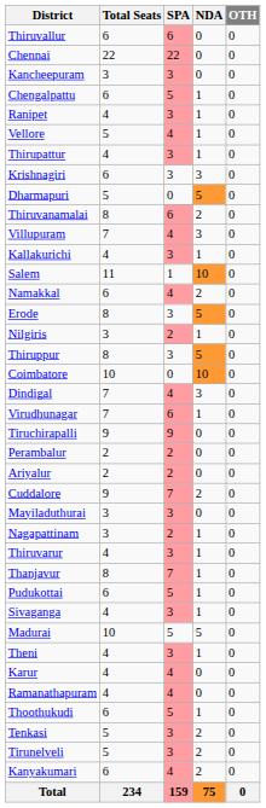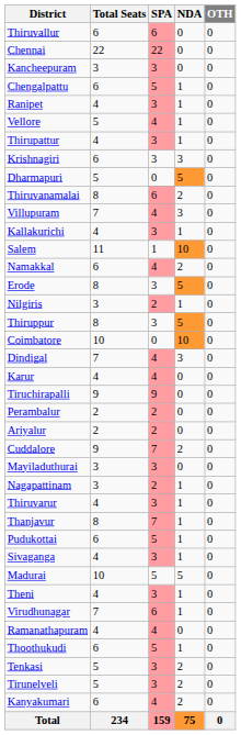 <table class="wikitable sortable" style="text-align:centre;">
 <tr>
 <th>District</th>
 <th>Total Seats</th>
 <th style="background:">SPA</th>
 <th style="background:">NDA</th>
 <th style="background:gray; color:white;">OTH</th>
 </tr>
 <tr>
 <td><a href='#'>Thiruvallur</a></td>
 <td>6</td>
 <td style="background:#FF9DA2">6</td>
 <td>0</td>
 <td>0</td>
 </tr>
 <tr>
 <td><a href='#'>Chennai</a></td>
 <td>22</td>
 <td style="background:#FF9DA2">22</td>
 <td>0</td>
 <td>0</td>
 </tr>
 <tr>
 <td><a href='#'>Kancheepuram</a></td>
 <td>3</td>
 <td style="background:#FF9DA2">3</td>
 <td>0</td>
 <td>0</td>
 </tr>
 <tr>
 <td><a href='#'>Chengalpattu</a></td>
 <td>6</td>
 <td style="background:#FF9DA2">5</td>
 <td>1</td>
 <td>0</td>
 </tr>
 <tr>
 <td><a href='#'>Ranipet</a></td>
 <td>4</td>
 <td style="background:#FF9DA2">3</td>
 <td>1</td>
 <td>0</td>
 </tr>
 <tr>
 <td><a href='#'>Vellore</a></td>
 <td>5</td>
 <td style="background:#FF9DA2">4</td>
 <td>1</td>
 <td>0</td>
 </tr>
 <tr>
 <td><a href='#'>Thirupattur</a></td>
 <td>4</td>
 <td style="background:#FF9DA2">3</td>
 <td>1</td>
 <td>0</td>
 </tr>
 <tr>
 <td><a href='#'>Krishnagiri</a></td>
 <td>6</td>
 <td>3</td>
 <td>3</td>
 <td>0</td>
 </tr>
 <tr>
 <td><a href='#'>Dharmapuri</a></td>
 <td>5</td>
 <td>0</td>
 <td style="background:#FF9933">5</td>
 <td>0</td>
 </tr>
 <tr>
 <td><a href='#'>Thiruvanamalai</a></td>
 <td>8</td>
 <td style="background:#FF9DA2">6</td>
 <td>2</td>
 <td>0</td>
 </tr>
 <tr>
 <td><a href='#'>Villupuram</a></td>
 <td>7</td>
 <td style="background:#FF9DA2">4</td>
 <td>3</td>
 <td>0</td>
 </tr>
 <tr>
 <td><a href='#'>Kallakurichi</a></td>
 <td>4</td>
 <td style="background:#FF9DA2">3</td>
 <td>1</td>
 <td>0</td>
 </tr>
 <tr>
 <td><a href='#'>Salem</a></td>
 <td>11</td>
 <td>1</td>
 <td style="background:#FF9933">10</td>
 <td>0</td>
 </tr>
 <tr>
 <td><a href='#'>Namakkal</a></td>
 <td>6</td>
 <td style="background:#FF9DA2">4</td>
 <td>2</td>
 <td>0</td>
 </tr>
 <tr>
 <td><a href='#'>Erode</a></td>
 <td>8</td>
 <td>3</td>
 <td style="background:#FF9933">5</td>
 <td>0</td>
 </tr>
 <tr>
 <td><a href='#'>Nilgiris</a></td>
 <td>3</td>
 <td style="background:#FF9DA2">2</td>
 <td>1</td>
 <td>0</td>
 </tr>
 <tr>
 <td><a href='#'>Thiruppur</a></td>
 <td>8</td>
 <td>3</td>
 <td style="background:#FF9933">5</td>
 <td>0</td>
 </tr>
 <tr>
 <td><a href='#'>Coimbatore</a></td>
 <td>10</td>
 <td>0</td>
 <td style="background:#FF9933">10</td>
 <td>0</td>
 </tr>
 <tr>
 <td><a href='#'>Dindigal</a></td>
 <td>7</td>
 <td style="background:#FF9DA2">4</td>
 <td>3</td>
 <td>0</td>
 </tr>
 <tr>
-<td><a href='#'>Virudhunagar</a></td>
-<td>7</td>
-<td style="background:#FF9DA2">6</td>
-<td>1</td>
+<td><a href='#'>Karur</a></td>
+<td>4</td>
+<td style="background:#FF9DA2">4</td>
+<td>0</td>
 <td>0</td>
 </tr>
 <tr>
 <td><a href='#'>Tiruchirapalli</a></td>
 <td>9</td>
 <td style="background:#FF9DA2">9</td>
 <td>0</td>
 <td>0</td>
 </tr>
 <tr>
 <td><a href='#'>Perambalur</a></td>
 <td>2</td>
 <td style="background:#FF9DA2">2</td>
 <td>0</td>
 <td>0</td>
 </tr>
 <tr>
 <td><a href='#'>Ariyalur</a></td>
 <td>2</td>
 <td style="background:#FF9DA2">2</td>
 <td>0</td>
 <td>0</td>
 </tr>
 <tr>
 <td><a href='#'>Cuddalore</a></td>
 <td>9</td>
 <td style="background:#FF9DA2">7</td>
 <td>2</td>
 <td>0</td>
 </tr>
 <tr>
 <td><a href='#'>Mayiladuthurai</a></td>
 <td>3</td>
 <td style="background:#FF9DA2">3</td>
 <td>0</td>
 <td>0</td>
 </tr>
 <tr>
 <td><a href='#'>Nagapattinam</a></td>
 <td>3</td>
 <td style="background:#FF9DA2">2</td>
 <td>1</td>
 <td>0</td>
 </tr>
 <tr>
 <td><a href='#'>Thiruvarur</a></td>
 <td>4</td>
 <td style="background:#FF9DA2">3</td>
 <td>1</td>
 <td>0</td>
 </tr>
 <tr>
 <td><a href='#'>Thanjavur</a></td>
 <td>8</td>
 <td style="background:#FF9DA2">7</td>
 <td>1</td>
 <td>0</td>
 </tr>
 <tr>
 <td><a href='#'>Pudukottai</a></td>
 <td>6</td>
 <td style="background:#FF9DA2">5</td>
 <td>1</td>
 <td>0</td>
 </tr>
 <tr>
 <td><a href='#'>Sivaganga</a></td>
 <td>4</td>
 <td style="background:#FF9DA2">3</td>
 <td>1</td>
 <td>0</td>
 </tr>
 <tr>
 <td><a href='#'>Madurai</a></td>
 <td>10</td>
 <td>5</td>
 <td>5</td>
 <td>0</td>
 </tr>
 <tr>
 <td><a href='#'>Theni</a></td>
 <td>4</td>
 <td style="background:#FF9DA2">3</td>
 <td>1</td>
 <td>0</td>
 </tr>
 <tr>
-<td><a href='#'>Karur</a></td>
-<td>4</td>
-<td style="background:#FF9DA2">4</td>
-<td>0</td>
+<td><a href='#'>Virudhunagar</a></td>
+<td>7</td>
+<td style="background:#FF9DA2">6</td>
+<td>1</td>
 <td>0</td>
 </tr>
 <tr>
 <td><a href='#'>Ramanathapuram</a></td>
 <td>4</td>
 <td style="background:#FF9DA2">4</td>
 <td>0</td>
 <td>0</td>
 </tr>
 <tr>
 <td><a href='#'>Thoothukudi</a></td>
 <td>6</td>
 <td style="background:#FF9DA2">5</td>
 <td>1</td>
 <td>0</td>
 </tr>
 <tr>
 <td><a href='#'>Tenkasi</a></td>
 <td>5</td>
 <td style="background:#FF9DA2">3</td>
 <td>2</td>
 <td>0</td>
 </tr>
 <tr>
 <td><a href='#'>Tirunelveli</a></td>
 <td>5</td>
 <td style="background:#FF9DA2">3</td>
 <td>2</td>
 <td>0</td>
 </tr>
 <tr>
 <td><a href='#'>Kanyakumari</a></td>
 <td>6</td>
 <td style="background:#FF9DA2">4</td>
 <td>2</td>
 <td>0</td>
 </tr>
 <tr>
 <th>Total</th>
 <th>234</th>
 <th style="background:#FF9DA2"><strong>159</strong></th>
 <th style="background:#FF9933">75</th>
 <th>0</th>
 </tr>
 </table>
